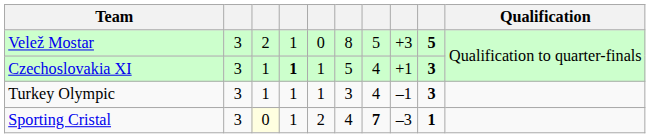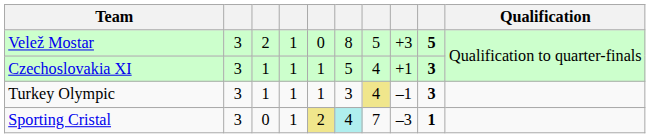 <table class="wikitable" style="text-align:center;">
 <tr>
 <th width=210>Team</th>
 <th width=20></th>
 <th width=20></th>
 <th width=20></th>
 <th width=20></th>
 <th width=20></th>
 <th width=20></th>
 <th width=20></th>
 <th width=20></th>
 <th>Qualification</th>
 </tr>
 <tr bgcolor="#ccffcc">
 <td align="left"> <a href='#'>Velež Mostar</a></td>
 <td>3</td>
 <td>2</td>
 <td>1</td>
 <td>0</td>
 <td>8</td>
 <td>5</td>
 <td>+3</td>
 <td><strong>5</strong></td>
 <td rowspan="2">Qualification to quarter-finals</td>
 </tr>
 <tr bgcolor="#ccffcc">
 <td align="left"> <a href='#'>Czechoslovakia XI</a></td>
 <td>3</td>
 <td>1</td>
-<td><strong>1</strong></td>
+<td>1</td>
 <td>1</td>
 <td>5</td>
 <td>4</td>
 <td>+1</td>
 <td><strong>3</strong></td>
 </tr>
 <tr>
 <td align="left"> Turkey Olympic</td>
 <td>3</td>
 <td>1</td>
 <td>1</td>
 <td>1</td>
 <td>3</td>
-<td>4</td>
+<td style="background: khaki;">4</td>
 <td>–1</td>
 <td><strong>3</strong></td>
 <td></td>
 </tr>
 <tr>
 <td align="left"> <a href='#'>Sporting Cristal</a></td>
 <td>3</td>
-<td style="background: lightyellow;">0</td>
+<td>0</td>
 <td>1</td>
-<td>2</td>
-<td>4</td>
-<td><strong>7</strong></td>
+<td style="background: khaki;">2</td>
+<td style="background: paleturquoise;">4</td>
+<td>7</td>
 <td>–3</td>
 <td><strong>1</strong></td>
 <td></td>
 </tr>
 </table>
